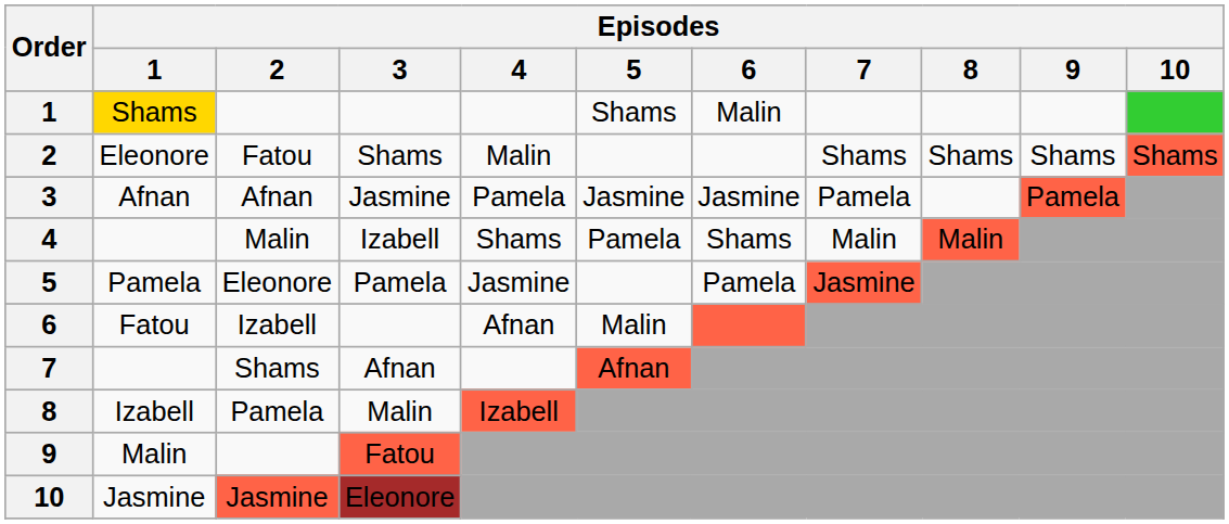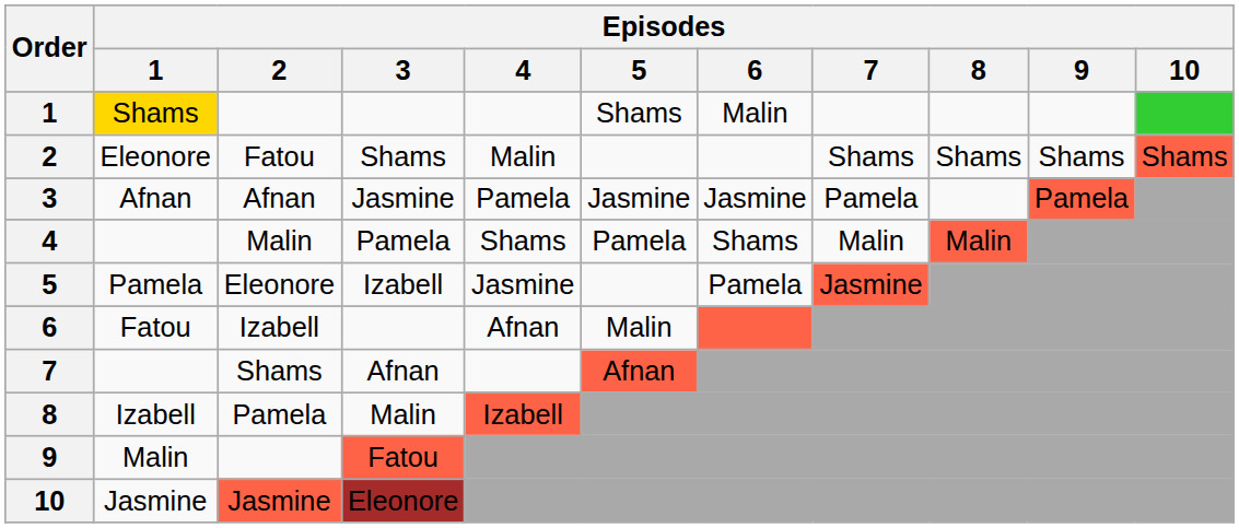 <table class="wikitable" style="text-align:center; font-size:92%">
 <tr>
 <th rowspan=2>Order</th>
 <th colspan=10>Episodes</th>
 </tr>
 <tr>
 <th>1</th>
 <th>2</th>
 <th>3</th>
 <th>4</th>
 <th>5</th>
 <th>6</th>
 <th>7</th>
 <th>8</th>
 <th>9</th>
 <th>10</th>
 </tr>
 <tr>
 <th>1</th>
 <td bgcolor="gold">Shams</td>
 <td></td>
 <td></td>
 <td></td>
 <td>Shams</td>
 <td>Malin</td>
 <td></td>
 <td></td>
 <td></td>
 <td bgcolor="limegreen"></td>
 </tr>
 <tr>
 <th>2</th>
 <td>Eleonore</td>
 <td>Fatou</td>
 <td>Shams</td>
 <td>Malin</td>
 <td></td>
 <td></td>
 <td>Shams</td>
 <td>Shams</td>
 <td>Shams</td>
 <td bgcolor="tomato">Shams</td>
 </tr>
 <tr>
 <th>3</th>
 <td>Afnan</td>
 <td>Afnan</td>
 <td>Jasmine</td>
 <td>Pamela</td>
 <td>Jasmine</td>
 <td>Jasmine</td>
 <td>Pamela</td>
 <td></td>
 <td bgcolor="tomato">Pamela</td>
 <td colspan="2" style="background:darkgray;"></td>
 </tr>
 <tr>
 <th>4</th>
 <td></td>
 <td>Malin</td>
-<td>Izabell</td>
+<td>Pamela</td>
 <td>Shams</td>
 <td>Pamela</td>
 <td>Shams</td>
 <td>Malin</td>
 <td bgcolor="tomato">Malin</td>
 <td colspan="2" style="background:darkgray;"></td>
 </tr>
 <tr>
 <th>5</th>
 <td>Pamela</td>
 <td>Eleonore</td>
-<td>Pamela</td>
+<td>Izabell</td>
 <td>Jasmine</td>
 <td></td>
 <td>Pamela</td>
 <td bgcolor="tomato">Jasmine</td>
 <td colspan="3" style="background:darkgray;"></td>
 </tr>
 <tr>
 <th>6</th>
 <td>Fatou</td>
 <td>Izabell</td>
 <td></td>
 <td>Afnan</td>
 <td>Malin</td>
 <td bgcolor="tomato"></td>
 <td colspan="4" style="background:darkgray;"></td>
 </tr>
 <tr>
 <th>7</th>
 <td></td>
 <td>Shams</td>
 <td>Afnan</td>
 <td></td>
 <td bgcolor="tomato">Afnan</td>
 <td colspan="5" style="background:darkgray;"></td>
 </tr>
 <tr>
 <th>8</th>
 <td>Izabell</td>
 <td>Pamela</td>
 <td>Malin</td>
 <td bgcolor="tomato">Izabell</td>
 <td colspan="6" style="background:darkgray;"></td>
 </tr>
 <tr>
 <th>9</th>
 <td>Malin</td>
 <td></td>
 <td bgcolor="tomato">Fatou</td>
 <td colspan="7" style="background:darkgray;"></td>
 </tr>
 <tr>
 <th>10</th>
 <td>Jasmine</td>
 <td bgcolor="tomato">Jasmine</td>
 <td bgcolor="brown"><span>Eleonore</span></td>
 <td colspan="7" style="background:darkgray;"></td>
 </tr>
 </table>
